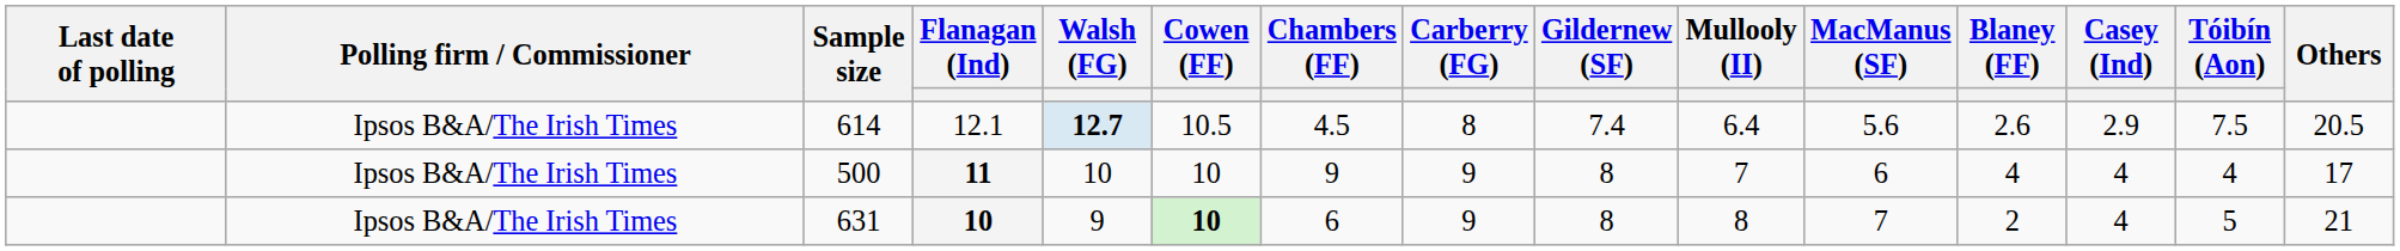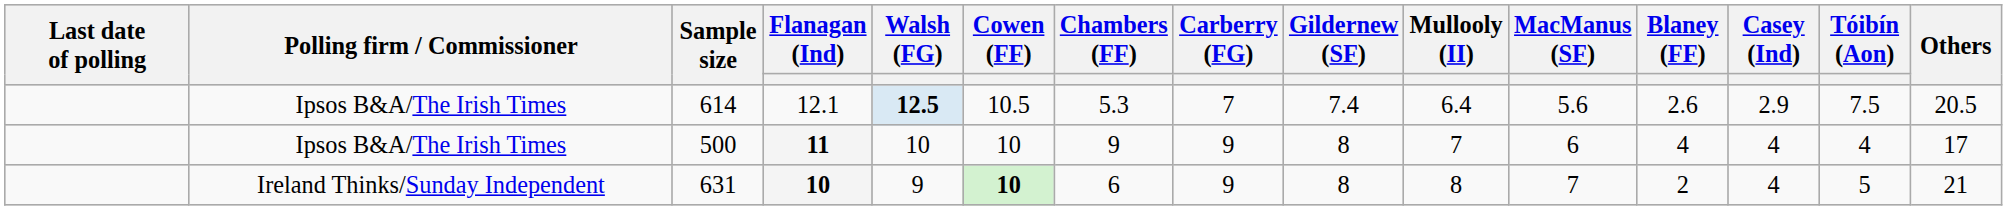 <table class="wikitable sortable collapsible" style="text-align:center;font-size:95%;">
 <tr style="height:42px;">
 <th style="width:110px;" rowspan="2">Last date<br>of polling</th>
 <th style="width:300px;" rowspan="2">Polling firm / Commissioner</th>
 <th class="unsortable" style="width:50px;" rowspan="2">Sample<br>size</th>
 <th class="unsortable" style="width:50px;"><a href='#'>Flanagan</a> (<a href='#'>Ind</a>)</th>
 <th class="unsortable" style="width:50px;"><a href='#'>Walsh</a> (<a href='#'>FG</a>)</th>
 <th class="unsortable" style="width:50px;"><a href='#'>Cowen</a> (<a href='#'>FF</a>)</th>
 <th class="unsortable" style="width:50px;"><a href='#'>Chambers</a> (<a href='#'>FF</a>)</th>
 <th class="unsortable" style="width:50px;"><a href='#'>Carberry</a> (<a href='#'>FG</a>)</th>
 <th class="unsortable" style="width:50px;"><a href='#'>Gildernew</a> (<a href='#'>SF</a>)</th>
 <th class="unsortable" style="width:50px;">Mullooly (<a href='#'>II</a>)</th>
 <th class="unsortable" style="width:50px;"><a href='#'>MacManus</a> (<a href='#'>SF</a>)</th>
 <th class="unsortable" style="width:50px;"><a href='#'>Blaney</a> (<a href='#'>FF</a>)</th>
 <th class="unsortable" style="width:50px;"><a href='#'>Casey</a> (<a href='#'>Ind</a>)</th>
 <th class="unsortable" style="width:50px;"><a href='#'>Tóibín</a> (<a href='#'>Aon</a>)</th>
 <th class="unsortable" style="width:50px;" rowspan="2">Others</th>
 </tr>
 <tr>
 <th style="color:inherit;background:"></th>
 <th style="color:inherit;background:"></th>
 <th style="color:inherit;background:"></th>
 <th style="color:inherit;background:"></th>
 <th style="color:inherit;background:"></th>
 <th style="color:inherit;background:"></th>
 <th style="color:inherit;background:"></th>
 <th style="color:inherit;background:"></th>
 <th style="color:inherit;background:"></th>
 <th style="color:inherit;background:"></th>
 <th style="color:inherit;background:"></th>
 </tr>
 <tr>
 <td></td>
 <td data-sort-value="Ipsos1">Ipsos B&A/<a href='#'>The Irish Times</a></td>
 <td>614</td>
 <td>12.1</td>
-<td style="background:#D9E9F4"><strong>12.7</strong></td>
+<td style="background:#D9E9F4"><strong>12.5</strong></td>
 <td>10.5</td>
-<td>4.5</td>
-<td>8</td>
+<td>5.3</td>
+<td>7</td>
 <td>7.4</td>
 <td>6.4</td>
 <td>5.6</td>
 <td>2.6</td>
 <td>2.9</td>
 <td>7.5</td>
 <td>20.5</td>
 </tr>
 <tr>
 <td></td>
 <td data-sort-value="Ipsos1">Ipsos B&A/<a href='#'>The Irish Times</a></td>
 <td>500</td>
 <td style="background:#F4F4F4"><strong>11</strong></td>
 <td>10</td>
 <td>10</td>
 <td>9</td>
 <td>9</td>
 <td>8</td>
 <td>7</td>
 <td>6</td>
 <td>4</td>
 <td>4</td>
 <td>4</td>
 <td>17</td>
 </tr>
 <tr>
 <td></td>
-<td data-sort-value="Ipsos1">Ipsos B&A/<a href='#'>The Irish Times</a></td>
+<td data-sort-value="Ireland Thinks">Ireland Thinks/<a href='#'>Sunday Independent</a></td>
 <td>631</td>
 <td style="background:#F4F4F4"><strong>10</strong></td>
 <td>9</td>
 <td style="background:#D3F2D0"><strong>10</strong></td>
 <td>6</td>
 <td>9</td>
 <td>8</td>
 <td>8</td>
 <td>7</td>
 <td>2</td>
 <td>4</td>
 <td>5</td>
 <td>21</td>
 </tr>
 </table>
